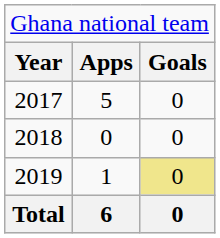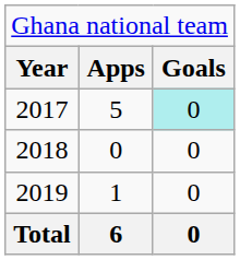 <table class="wikitable" style="text-align:center">
 <tr>
 <td colspan="3"><a href='#'>Ghana national team</a></td>
 </tr>
 <tr>
 <th>Year</th>
 <th>Apps</th>
 <th>Goals</th>
 </tr>
 <tr>
 <td>2017</td>
 <td>5</td>
-<td>0</td>
+<td style="background: paleturquoise;">0</td>
 </tr>
 <tr>
 <td>2018</td>
 <td>0</td>
 <td>0</td>
 </tr>
 <tr>
 <td>2019</td>
 <td>1</td>
-<td style="background: khaki;">0</td>
+<td>0</td>
 </tr>
 <tr>
 <th>Total</th>
 <th>6</th>
 <th>0</th>
 </tr>
 </table>
